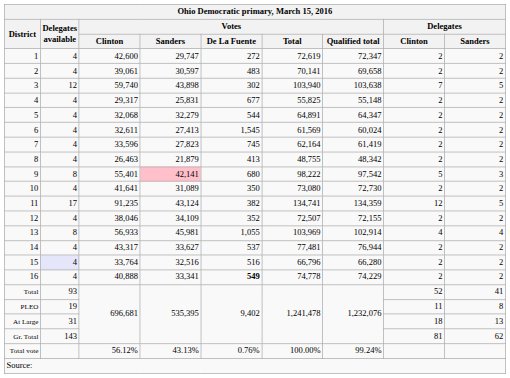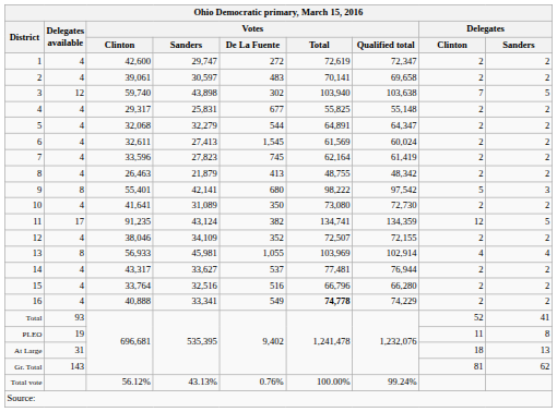 <table class="wikitable collapsible" cellpadding="5" style="text-align:right; font-size:12px;">
 <tr>
 <th colspan="9">Ohio Democratic primary, March 15, 2016</th>
 </tr>
 <tr>
 <th style="width:45px;" rowspan="2">District</th>
 <th style="width:45px;" rowspan="2">Delegates available</th>
 <th colspan="5">Votes</th>
 <th colspan="2">Delegates</th>
 </tr>
 <tr>
 <th style="width:80px;">Clinton</th>
 <th style="width:80px;">Sanders</th>
 <th style="width:80px;">De La Fuente</th>
 <th style="width:80px;">Total</th>
 <th style="width:80px;">Qualified total</th>
 <th style="width:80px;">Clinton</th>
 <th style="width:80px;">Sanders</th>
 </tr>
 <tr>
 <td>1</td>
 <td>4</td>
 <td>42,600</td>
 <td>29,747</td>
 <td>272</td>
 <td>72,619</td>
 <td>72,347</td>
 <td>2</td>
 <td>2</td>
 </tr>
 <tr>
 <td>2</td>
 <td>4</td>
 <td>39,061</td>
 <td>30,597</td>
 <td>483</td>
 <td>70,141</td>
 <td>69,658</td>
 <td>2</td>
 <td>2</td>
 </tr>
 <tr>
 <td>3</td>
 <td>12</td>
 <td>59,740</td>
 <td>43,898</td>
 <td>302</td>
 <td>103,940</td>
 <td>103,638</td>
 <td>7</td>
 <td>5</td>
 </tr>
 <tr>
 <td>4</td>
 <td>4</td>
 <td>29,317</td>
 <td>25,831</td>
 <td>677</td>
 <td>55,825</td>
 <td>55,148</td>
 <td>2</td>
 <td>2</td>
 </tr>
 <tr>
 <td>5</td>
 <td>4</td>
 <td>32,068</td>
 <td>32,279</td>
 <td>544</td>
 <td>64,891</td>
 <td>64,347</td>
 <td>2</td>
 <td>2</td>
 </tr>
 <tr>
 <td>6</td>
 <td>4</td>
 <td>32,611</td>
 <td>27,413</td>
 <td>1,545</td>
 <td>61,569</td>
 <td>60,024</td>
 <td>2</td>
 <td>2</td>
 </tr>
 <tr>
 <td>7</td>
 <td>4</td>
 <td>33,596</td>
 <td>27,823</td>
 <td>745</td>
 <td>62,164</td>
 <td>61,419</td>
 <td>2</td>
 <td>2</td>
 </tr>
 <tr>
 <td>8</td>
 <td>4</td>
 <td>26,463</td>
 <td>21,879</td>
 <td>413</td>
 <td>48,755</td>
 <td>48,342</td>
 <td>2</td>
 <td>2</td>
 </tr>
 <tr>
 <td>9</td>
 <td>8</td>
 <td>55,401</td>
-<td style="background: pink;">42,141</td>
+<td>42,141</td>
 <td>680</td>
 <td>98,222</td>
 <td>97,542</td>
 <td>5</td>
 <td>3</td>
 </tr>
 <tr>
 <td>10</td>
 <td>4</td>
 <td>41,641</td>
 <td>31,089</td>
 <td>350</td>
 <td>73,080</td>
 <td>72,730</td>
 <td>2</td>
 <td>2</td>
 </tr>
 <tr>
 <td>11</td>
 <td>17</td>
 <td>91,235</td>
 <td>43,124</td>
 <td>382</td>
 <td>134,741</td>
 <td>134,359</td>
 <td>12</td>
 <td>5</td>
 </tr>
 <tr>
 <td>12</td>
 <td>4</td>
 <td>38,046</td>
 <td>34,109</td>
 <td>352</td>
 <td>72,507</td>
 <td>72,155</td>
 <td>2</td>
 <td>2</td>
 </tr>
 <tr>
 <td>13</td>
 <td>8</td>
 <td>56,933</td>
 <td>45,981</td>
 <td>1,055</td>
 <td>103,969</td>
 <td>102,914</td>
 <td>4</td>
 <td>4</td>
 </tr>
 <tr>
 <td>14</td>
 <td>4</td>
 <td>43,317</td>
 <td>33,627</td>
 <td>537</td>
 <td>77,481</td>
 <td>76,944</td>
 <td>2</td>
 <td>2</td>
 </tr>
 <tr>
 <td>15</td>
-<td style="background: lavender;">4</td>
+<td>4</td>
 <td>33,764</td>
 <td>32,516</td>
 <td>516</td>
 <td>66,796</td>
 <td>66,280</td>
 <td>2</td>
 <td>2</td>
 </tr>
 <tr>
 <td>16</td>
 <td>4</td>
 <td>40,888</td>
 <td>33,341</td>
-<td><strong>549</strong></td>
-<td>74,778</td>
+<td>549</td>
+<td><strong>74,778</strong></td>
 <td>74,229</td>
 <td>2</td>
 <td>2</td>
 </tr>
 <tr>
 <td><small>Total</small></td>
 <td>93</td>
 <td rowspan="4">696,681</td>
 <td rowspan="4">535,395</td>
 <td rowspan="4">9,402</td>
 <td rowspan="4">1,241,478</td>
 <td rowspan="4">1,232,076</td>
 <td>52</td>
 <td>41</td>
 </tr>
 <tr>
 <td><small>PLEO</small></td>
 <td>19</td>
 <td>11</td>
 <td>8</td>
 </tr>
 <tr>
 <td><small>At Large</small></td>
 <td>31</td>
 <td>18</td>
 <td>13</td>
 </tr>
 <tr>
 <td><small>Gr. Total</small></td>
 <td>143</td>
 <td>81</td>
 <td>62</td>
 </tr>
 <tr>
 <td><small>Total vote</small></td>
 <td></td>
 <td>56.12%</td>
 <td>43.13%</td>
 <td>0.76%</td>
 <td>100.00%</td>
 <td>99.24%</td>
 <td></td>
 <td></td>
 </tr>
 <tr>
 <td colspan="9" style="text-align:left;">Source: <em></em></td>
 </tr>
 </table>
